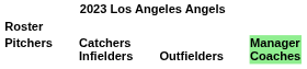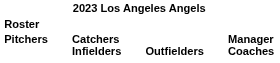 <table class="toccolours" style="font-size: 95%;">
 <tr>
 <th colspan="10">2023 Los Angeles Angels</th>
 </tr>
 <tr>
 <td colspan="10"><strong>Roster</strong></td>
 </tr>
 <tr>
 <td valign="top"><strong>Pitchers</strong><br>                                   </td>
 <td width="25px"></td>
 <td valign="top"><strong>Catchers</strong><br>    <strong>Infielders</strong>                 </td>
 <td width="25px"></td>
 <td valign="top"><br><strong>Outfielders</strong>         </td>
 <td width="25px"></td>
-<td valign="top" style="background: lightgreen;"><strong>Manager</strong><br> <strong>Coaches</strong>                          </td>
+<td valign="top"><strong>Manager</strong><br> <strong>Coaches</strong>                          </td>
 </tr>
 </table>
